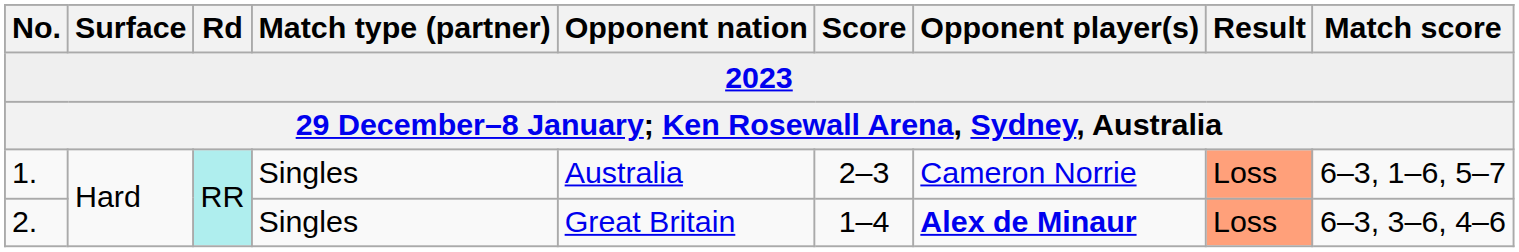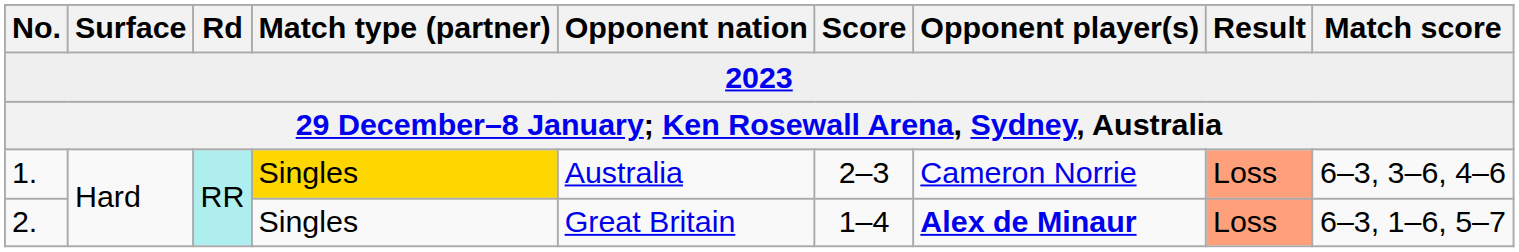 <table class="wikitable nowrap">
 <tr>
 <th>No.</th>
 <th>Surface</th>
 <th>Rd</th>
 <th>Match type (partner)</th>
 <th>Opponent nation</th>
 <th>Score</th>
 <th>Opponent player(s)</th>
 <th>Result</th>
 <th>Match score</th>
 </tr>
 <tr bgcolor="efefef" class="sortbottom">
 <td colspan="9" align="center"><strong><a href='#'>2023</a></strong></td>
 </tr>
 <tr>
 <th colspan="9"><a href='#'>29 December–8 January</a>; <a href='#'>Ken Rosewall Arena</a>, <a href='#'>Sydney</a>, Australia</th>
 </tr>
 <tr>
 <td>1.</td>
 <td rowspan=2>Hard</td>
 <td rowspan=2 bgcolor="afeeee" align="center">RR</td>
-<td>Singles</td>
+<td style="background: gold;">Singles</td>
 <td> <a href='#'>Australia</a></td>
 <td align="center">2–3</td>
 <td><a href='#'>Cameron Norrie</a></td>
 <td bgcolor=FFA07A>Loss</td>
-<td>6–3, 1–6, 5–7</td>
+<td>6–3, 3–6, 4–6</td>
 </tr>
 <tr>
 <td>2.</td>
 <td>Singles</td>
 <td> <a href='#'>Great Britain</a></td>
 <td align="center">1–4</td>
 <td><strong><a href='#'>Alex de Minaur</a></strong></td>
 <td bgcolor=FFA07A>Loss</td>
-<td>6–3, 3–6, 4–6</td>
+<td>6–3, 1–6, 5–7</td>
 </tr>
 </table>
